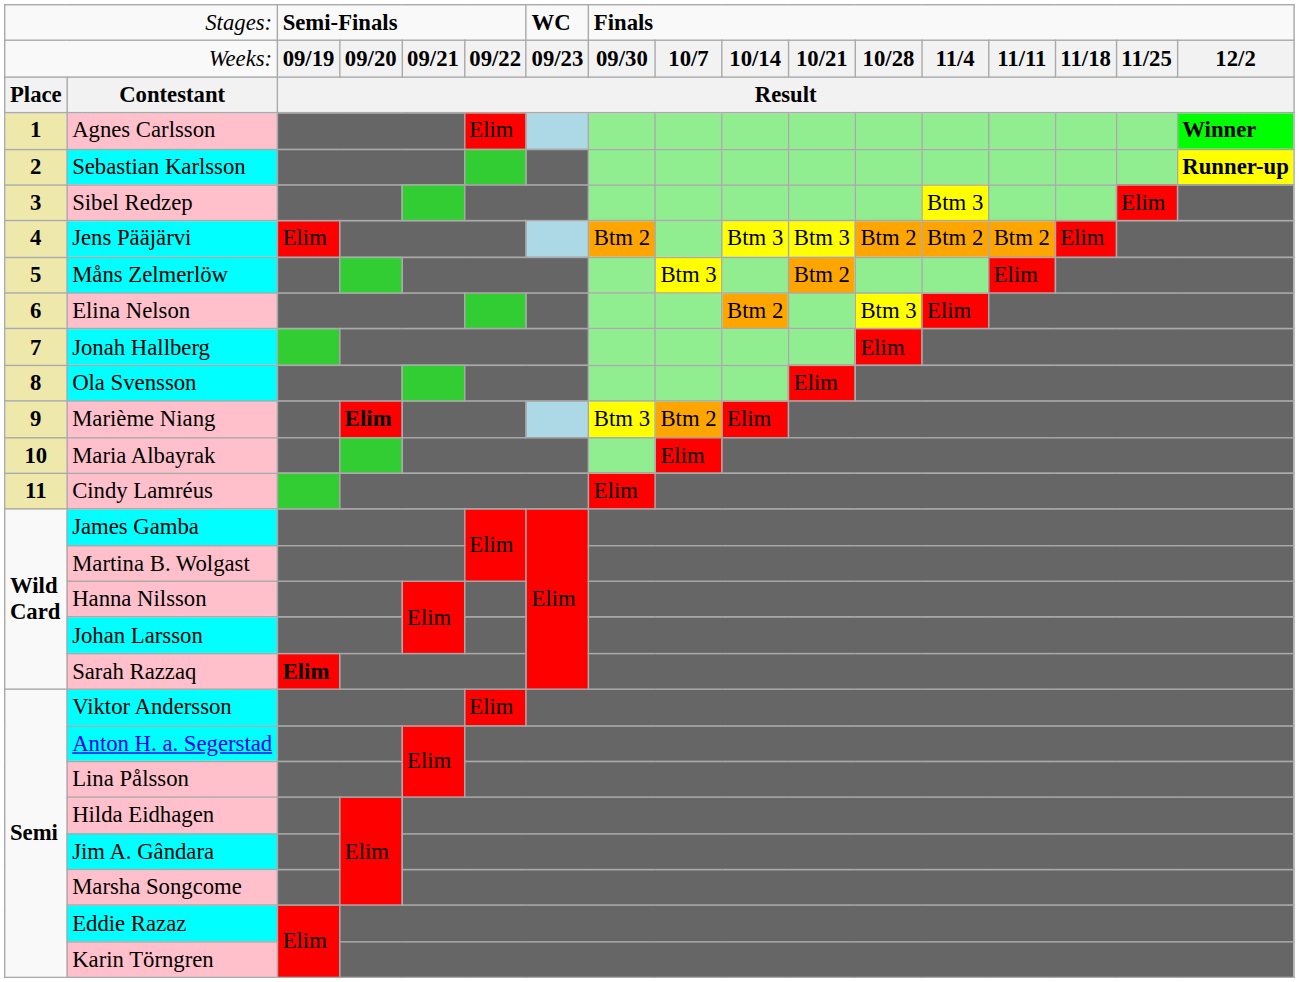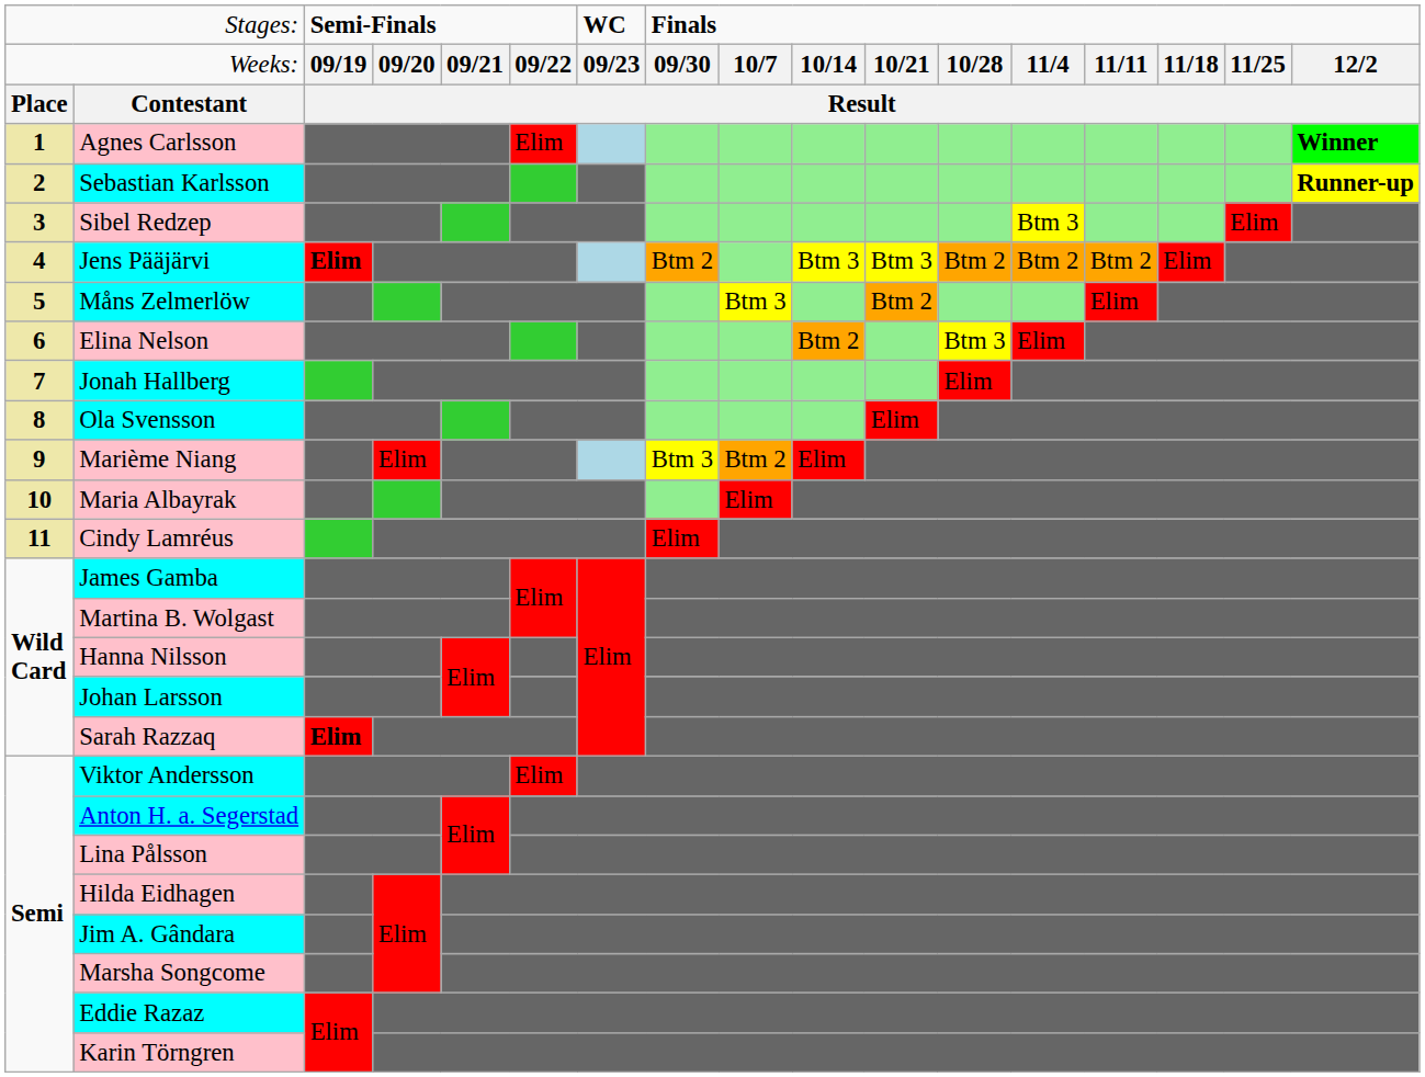 <table class="wikitable" align="center">
 <tr>
 <td colspan = "2" align="right"><em>Stages:</em></td>
 <td colspan = "4" style="background: #CCCCCC text-align: Center;"><strong>Semi-Finals</strong></td>
 <td colspan = "1" style="background: #FBF373 text-align: center;"><strong>WC</strong></td>
 <td colspan = "10" style="background: palegoldenrod text-align: Center;"><strong>Finals</strong></td>
 </tr>
 <tr>
 <td colspan = "2" align="right"><em>Weeks:</em></td>
 <th>09/19</th>
 <th>09/20</th>
 <th>09/21</th>
 <th>09/22</th>
 <th>09/23</th>
 <th>09/30</th>
 <th>10/7</th>
 <th>10/14</th>
 <th>10/21</th>
 <th>10/28</th>
 <th>11/4</th>
 <th>11/11</th>
 <th>11/18</th>
 <th>11/25</th>
 <th>12/2</th>
 </tr>
 <tr>
 <th>Place</th>
 <th>Contestant</th>
 <th colspan="15" align="center">Result</th>
 </tr>
 <tr>
 <td style   = "text-align: center; background: palegoldenrod"><strong>1</strong></td>
 <td style   = "background: pink">Agnes Carlsson</td>
 <td colspan = "3" bgcolor="666666"></td>
 <td style   = "background: red"><span>Elim</span></td>
 <td style   = "background: lightblue"></td>
 <td style   = "background: lightgreen"></td>
 <td style   = "background: lightgreen"></td>
 <td style   = "background: lightgreen"></td>
 <td style   = "background: lightgreen"></td>
 <td style   = "background: lightgreen"></td>
 <td style   = "background: lightgreen"></td>
 <td style   = "background: lightgreen"></td>
 <td style   = "background: lightgreen"></td>
 <td style   = "background: lightgreen"></td>
 <td style   = "background: Lime"><strong>Winner</strong></td>
 </tr>
 <tr>
 <td style   = "text-align: center; background: palegoldenrod"><strong>2</strong></td>
 <td style   = "background: cyan">Sebastian Karlsson</td>
 <td colspan = "3" bgcolor="666666"></td>
 <td style   = "background: limegreen"></td>
 <td bgcolor = "666666"></td>
 <td style   = "background: lightgreen"></td>
 <td style   = "background: lightgreen"></td>
 <td style   = "background: lightgreen"></td>
 <td style   = "background: lightgreen"></td>
 <td style   = "background: lightgreen"></td>
 <td style   = "background: lightgreen"></td>
 <td style   = "background: lightgreen"></td>
 <td style   = "background: lightgreen"></td>
 <td style   = "background: lightgreen"></td>
 <td style   = "background: yellow"><strong>Runner-up</strong></td>
 </tr>
 <tr>
 <td style   = "text-align: center; background: palegoldenrod"><strong>3</strong></td>
 <td style   = "background: pink">Sibel Redzep</td>
 <td colspan = "2" bgcolor="666666"></td>
 <td style   = "background: limegreen"></td>
 <td colspan = "2" bgcolor="666666"></td>
 <td style   = "background: lightgreen"></td>
 <td style   = "background: lightgreen"></td>
 <td style   = "background: lightgreen"></td>
 <td style   = "background: lightgreen"></td>
 <td style   = "background: lightgreen"></td>
 <td style   = "background: yellow">Btm 3</td>
 <td style   = "background: lightgreen"></td>
 <td style   = "background: lightgreen"></td>
 <td style   = "background: red"><span>Elim</span></td>
 <td colspan = "6" bgcolor="666666"></td>
 </tr>
 <tr>
 <td style   = "text-align: center; background: palegoldenrod"><strong>4</strong></td>
 <td style   = "background: cyan">Jens Pääjärvi</td>
-<td style   = "background: red"><span>Elim</span></td>
+<td style   = "background: red"><strong><span>Elim</span></strong></td>
 <td colspan = "3" bgcolor="666666"></td>
 <td style   = "background: lightblue"></td>
 <td style   = "background: orange">Btm 2</td>
 <td style   = "background: lightgreen"></td>
 <td style   = "background: yellow">Btm 3</td>
 <td style   = "background: yellow">Btm 3</td>
 <td style   = "background: orange">Btm 2</td>
 <td style   = "background: orange">Btm 2</td>
 <td style   = "background: orange">Btm 2</td>
 <td style   = "background: red"><span>Elim</span></td>
 <td colspan = "7" bgcolor="666666"></td>
 </tr>
 <tr>
 <td style   = "text-align: center; background: palegoldenrod"><strong>5</strong></td>
 <td style   = "background: cyan">Måns Zelmerlöw</td>
 <td bgcolor = "666666"></td>
 <td style   = "background: limegreen"></td>
 <td colspan = "3" bgcolor="666666"></td>
 <td style   = "background: lightgreen"></td>
 <td style   = "background: yellow">Btm 3</td>
 <td style   = "background: lightgreen"></td>
 <td style   = "background: orange">Btm 2</td>
 <td style   = "background: lightgreen"></td>
 <td style   = "background: lightgreen"></td>
 <td style   = "background: red"><span>Elim</span></td>
 <td colspan = "8" bgcolor="666666"></td>
 </tr>
 <tr>
 <td style   = "text-align: center; background: palegoldenrod"><strong>6</strong></td>
 <td style   = "background: Pink">Elina Nelson</td>
 <td colspan = "3" bgcolor="666666"></td>
 <td style   = "background: limegreen"></td>
 <td bgcolor = "666666"></td>
 <td style   = "background: lightgreen"></td>
 <td style   = "background: lightgreen"></td>
 <td style   = "background: orange">Btm 2</td>
 <td style   = "background: lightgreen"></td>
 <td style   = "background: yellow">Btm 3</td>
 <td style   = "background: red"><span>Elim</span></td>
 <td colspan = "9" bgcolor="666666"></td>
 </tr>
 <tr>
 <td style   = "text-align: center; background: palegoldenrod"><strong>7</strong></td>
 <td style   = "background: cyan">Jonah Hallberg</td>
 <td style   = "background: limegreen"></td>
 <td colspan = "4" bgcolor="666666"></td>
 <td style   = "background: lightgreen"></td>
 <td style   = "background: lightgreen"></td>
 <td style   = "background: lightgreen"></td>
 <td style   = "background: lightgreen"></td>
 <td style   = "background: red"><span>Elim</span></td>
 <td colspan = "10" bgcolor="666666"></td>
 </tr>
 <tr>
 <td style   = "text-align: center; background: palegoldenrod"><strong>8</strong></td>
 <td style   = "background: Cyan">Ola Svensson</td>
 <td colspan = "2" bgcolor="666666"></td>
 <td style   = "background: limegreen"></td>
 <td colspan = "2" bgcolor="666666"></td>
 <td style   = "background: lightgreen"></td>
 <td style   = "background: lightgreen"></td>
 <td style   = "background: lightgreen"></td>
 <td style   = "background: red"><span>Elim</span></td>
 <td colspan = "11" bgcolor="666666"></td>
 </tr>
 <tr>
 <td style   = "text-align: center; background: palegoldenrod"><strong>9</strong></td>
 <td style   = "background: pink">Marième Niang</td>
 <td bgcolor = "666666"></td>
-<td style   = "background: red"><strong><span>Elim</span></strong></td>
+<td style   = "background: red"><span>Elim</span></td>
 <td colspan = "2" bgcolor="666666"></td>
 <td style   = "background: lightblue"></td>
 <td style   = "background: yellow">Btm 3</td>
 <td style   = "background: orange">Btm 2</td>
 <td style   = "background: red"><span>Elim</span></td>
 <td colspan = "13" bgcolor="666666"></td>
 </tr>
 <tr>
 <td style   = "text-align: center; background: palegoldenrod"><strong>10</strong></td>
 <td style   = "background: pink">Maria Albayrak</td>
 <td bgcolor = "666666"></td>
 <td style   = "background: limegreen"></td>
 <td colspan = "3" bgcolor="666666"></td>
 <td style   = "background: lightgreen"></td>
 <td style   = "background: red"><span>Elim</span></td>
 <td colspan = "13" bgcolor="666666"></td>
 </tr>
 <tr>
 <td style   = "text-align: center; background: palegoldenrod"><strong>11</strong></td>
 <td style   = "background: Pink">Cindy Lamréus</td>
 <td style   = "background: limegreen"></td>
 <td colspan = "4" bgcolor="666666"></td>
 <td style   = "background: red"><span>Elim</span></td>
 <td colspan = "14" bgcolor="666666"></td>
 </tr>
 <tr>
 <td style   = "background: #FBF373 text-align: center;" rowspan="5"><strong>Wild<br>Card</strong></td>
 <td style   = "background: Cyan">James Gamba</td>
 <td colspan = "3" bgcolor="666666"></td>
 <td style   = "background: red"   rowspan="2"><span>Elim</span></td>
 <td style   = "background: red"   rowspan="5"><span>Elim</span></td>
 <td colspan = "14" bgcolor="666666"></td>
 </tr>
 <tr>
 <td style   = "background: Pink">Martina B. Wolgast</td>
 <td colspan = "3" bgcolor="666666"></td>
 <td colspan = "14" bgcolor="666666"></td>
 </tr>
 <tr>
 <td style   = "background: Pink">Hanna Nilsson</td>
 <td colspan = "2" bgcolor="666666"></td>
 <td style   = "background: red"   rowspan="2"><span>Elim</span></td>
 <td bgcolor = "666666"></td>
 <td colspan = "14" bgcolor="666666"></td>
 </tr>
 <tr>
 <td style   = "background: Cyan">Johan Larsson</td>
 <td colspan = "2" bgcolor="666666"></td>
 <td bgcolor = "666666"></td>
 <td colspan = "14" bgcolor="666666"></td>
 </tr>
 <tr>
 <td style   = "background: pink">Sarah Razzaq</td>
 <td style   = "background: red"><strong><span>Elim</span></strong></td>
 <td colspan = "3" bgcolor="666666"></td>
 <td colspan = "14" bgcolor="666666"></td>
 </tr>
 <tr>
 <td style   = "background: #CCCCCC text-align: center;" rowspan="8"><strong>Semi</strong></td>
 <td style   = "background: Cyan">Viktor Andersson</td>
 <td colspan = "3" bgcolor="666666"></td>
 <td style   = "background: red"><span>Elim</span></td>
 <td colspan = "14" bgcolor="666666"></td>
 </tr>
 <tr>
 <td style   = "background: Cyan"><a href='#'>Anton H. a. Segerstad</a></td>
 <td colspan = "2" bgcolor="666666"></td>
 <td style   = "background: red"  rowspan="2"><span>Elim</span></td>
 <td colspan = "14" bgcolor="666666"></td>
 </tr>
 <tr>
 <td style   = "background: Pink">Lina Pålsson</td>
 <td colspan = "2" bgcolor="666666"></td>
 <td colspan = "14" bgcolor="666666"></td>
 </tr>
 <tr>
 <td style   = "background: Pink">Hilda Eidhagen</td>
 <td bgcolor = "666666"></td>
 <td style   = "background: red"  rowspan="3"><span>Elim</span></td>
 <td colspan = "14" bgcolor="666666"></td>
 </tr>
 <tr>
 <td style   = "background: Cyan">Jim A. Gândara</td>
 <td bgcolor = "666666"></td>
 <td colspan = "14" bgcolor="666666"></td>
 </tr>
 <tr>
 <td style   = "background: Pink">Marsha Songcome</td>
 <td bgcolor = "666666"></td>
 <td colspan = "14" bgcolor="666666"></td>
 </tr>
 <tr>
 <td style   = "background: Cyan">Eddie Razaz</td>
 <td style   = "background: red"  rowspan="3"><span>Elim</span></td>
 <td colspan = "14" bgcolor="666666"></td>
 </tr>
 <tr>
 <td style   = "background: Pink">Karin Törngren</td>
 <td colspan = "14" bgcolor="666666"></td>
 </tr>
 </table>
